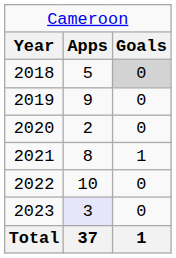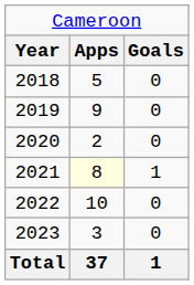 <table class="wikitable" style="text-align:center">
 <tr>
 <td colspan="3"><a href='#'>Cameroon</a></td>
 </tr>
 <tr>
 <th>Year</th>
 <th>Apps</th>
 <th>Goals</th>
 </tr>
 <tr>
 <td>2018</td>
 <td>5</td>
-<td style="background: lightgrey;">0</td>
+<td>0</td>
 </tr>
 <tr>
 <td>2019</td>
 <td>9</td>
 <td>0</td>
 </tr>
 <tr>
 <td>2020</td>
 <td>2</td>
 <td>0</td>
 </tr>
 <tr>
 <td>2021</td>
-<td>8</td>
+<td style="background: lightyellow;">8</td>
 <td>1</td>
 </tr>
 <tr>
 <td>2022</td>
 <td>10</td>
 <td>0</td>
 </tr>
 <tr>
 <td>2023</td>
-<td style="background: lavender;">3</td>
+<td>3</td>
 <td>0</td>
 </tr>
 <tr>
 <th>Total</th>
 <th>37</th>
 <th>1</th>
 </tr>
 </table>
